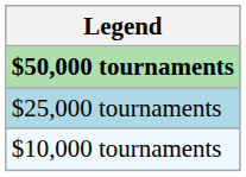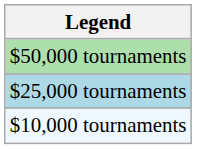 <table class="wikitable" style="font-size:85%;">
 <tr>
 <th>Legend</th>
 </tr>
 <tr bgcolor="#ADDFAD">
-<td><strong>$50,000 tournaments</strong></td>
+<td>$50,000 tournaments</td>
 </tr>
 <tr bgcolor=lightblue>
 <td>$25,000 tournaments</td>
 </tr>
 <tr bgcolor="#f0f8ff">
 <td>$10,000 tournaments</td>
 </tr>
 </table>
